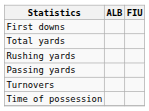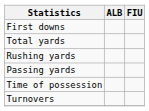 <table class="wikitable" style="float: left;">
 <tr>
 <th>Statistics</th>
 <th>ALB</th>
 <th>FIU</th>
 </tr>
 <tr>
 <td>First downs</td>
 <td></td>
 <td></td>
 </tr>
 <tr>
 <td>Total yards</td>
 <td></td>
 <td></td>
 </tr>
 <tr>
 <td>Rushing yards</td>
 <td></td>
 <td></td>
 </tr>
 <tr>
 <td>Passing yards</td>
 <td></td>
 <td></td>
 </tr>
 <tr>
-<td>Turnovers</td>
+<td>Time of possession</td>
 <td></td>
 <td></td>
 </tr>
 <tr>
-<td>Time of possession</td>
+<td>Turnovers</td>
 <td></td>
 <td></td>
 </tr>
 <tr>
 </tr>
 </table>
